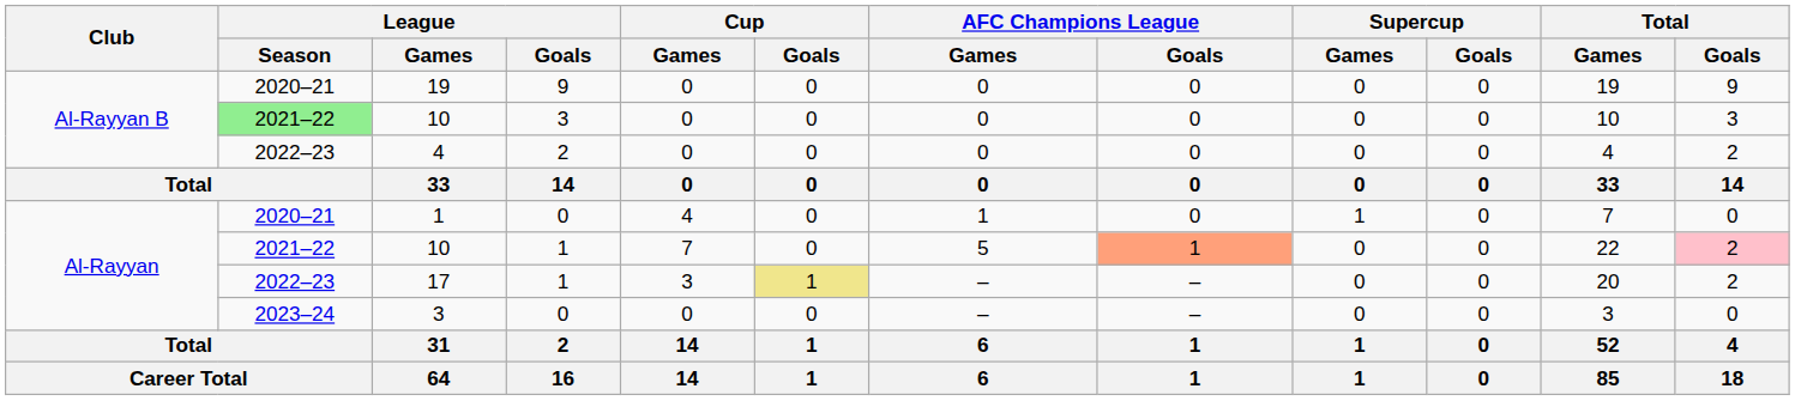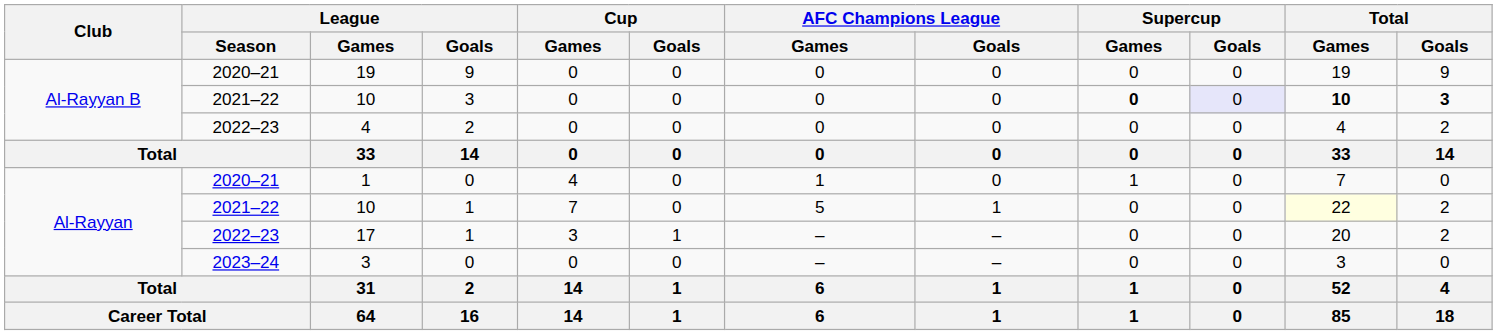 <table class="wikitable" style="font-size:90%;width:99%;text-align:center;">
 <tr>
 <th rowspan="2">Club</th>
 <th colspan="3">League</th>
 <th colspan="2">Cup</th>
 <th colspan="2"><a href='#'>AFC Champions League</a></th>
 <th colspan="2">Supercup</th>
 <th colspan="2">Total</th>
 </tr>
 <tr>
 <th>Season</th>
 <th>Games</th>
 <th>Goals</th>
 <th>Games</th>
 <th>Goals</th>
 <th>Games</th>
 <th>Goals</th>
 <th>Games</th>
 <th>Goals</th>
 <th>Games</th>
 <th>Goals</th>
 </tr>
 <tr>
 <td rowspan=3><a href='#'>Al-Rayyan B</a></td>
 <td 2020–21 Qatar Gaz League U-23>2020–21</td>
 <td>19</td>
 <td>9</td>
 <td>0</td>
 <td>0</td>
 <td>0</td>
 <td>0</td>
 <td>0</td>
 <td>0</td>
 <td>19</td>
 <td>9</td>
 </tr>
 <tr>
-<td style="background: lightgreen;">2021–22</td>
+<td>2021–22</td>
 <td>10</td>
 <td>3</td>
 <td>0</td>
 <td>0</td>
 <td>0</td>
 <td>0</td>
-<td>0</td>
-<td>0</td>
-<td>10</td>
-<td>3</td>
+<td><strong>0</strong></td>
+<td style="background: lavender;">0</td>
+<td><strong>10</strong></td>
+<td><strong>3</strong></td>
 </tr>
 <tr>
 <td>2022–23</td>
 <td>4</td>
 <td>2</td>
 <td>0</td>
 <td>0</td>
 <td>0</td>
 <td>0</td>
 <td>0</td>
 <td>0</td>
 <td>4</td>
 <td>2</td>
 </tr>
 <tr>
 <th colspan="2">Total</th>
 <th>33</th>
 <th>14</th>
 <th>0</th>
 <th>0</th>
 <th>0</th>
 <th>0</th>
 <th>0</th>
 <th>0</th>
 <th>33</th>
 <th>14</th>
 </tr>
 <tr>
 <td rowspan=4><a href='#'>Al-Rayyan</a></td>
 <td><a href='#'>2020–21</a></td>
 <td>1</td>
 <td>0</td>
 <td>4</td>
 <td>0</td>
 <td>1</td>
 <td>0</td>
 <td>1</td>
 <td>0</td>
 <td>7</td>
 <td>0</td>
 </tr>
 <tr>
 <td><a href='#'>2021–22</a></td>
 <td>10</td>
 <td>1</td>
 <td>7</td>
 <td>0</td>
 <td>5</td>
-<td style="background: lightsalmon;">1</td>
+<td>1</td>
 <td>0</td>
 <td>0</td>
-<td>22</td>
-<td style="background: pink;">2</td>
+<td style="background: lightyellow;">22</td>
+<td>2</td>
 </tr>
 <tr>
 <td><a href='#'>2022–23</a></td>
 <td>17</td>
 <td>1</td>
 <td>3</td>
-<td style="background: khaki;">1</td>
+<td>1</td>
 <td>–</td>
 <td>–</td>
 <td>0</td>
 <td>0</td>
 <td>20</td>
 <td>2</td>
 </tr>
 <tr>
 <td><a href='#'>2023–24</a></td>
 <td>3</td>
 <td>0</td>
 <td>0</td>
 <td>0</td>
 <td>–</td>
 <td>–</td>
 <td>0</td>
 <td>0</td>
 <td>3</td>
 <td>0</td>
 </tr>
 <tr>
 <th colspan="2">Total</th>
 <th>31</th>
 <th>2</th>
 <th>14</th>
 <th>1</th>
 <th>6</th>
 <th>1</th>
 <th>1</th>
 <th>0</th>
 <th>52</th>
 <th>4</th>
 </tr>
 <tr>
 <th colspan="2">Career Total</th>
 <th>64</th>
 <th>16</th>
 <th>14</th>
 <th>1</th>
 <th>6</th>
 <th>1</th>
 <th>1</th>
 <th>0</th>
 <th>85</th>
 <th>18</th>
 </tr>
 </table>
